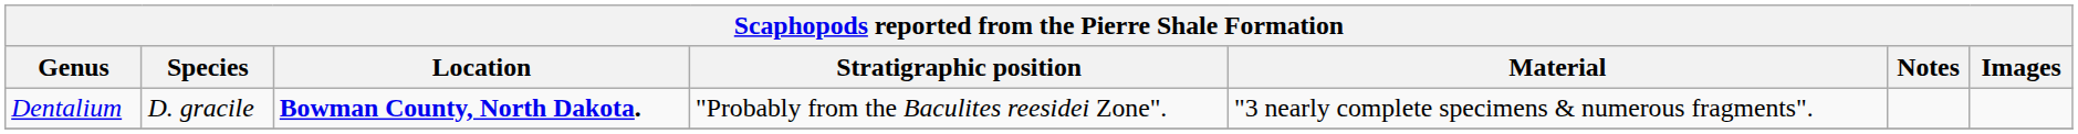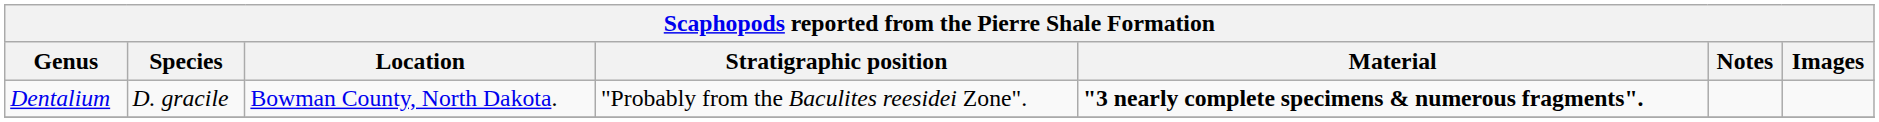 <table class="wikitable" align="center" width="100%">
 <tr>
 <th colspan="7" align="center"><strong><a href='#'>Scaphopods</a> reported from the Pierre Shale Formation</strong></th>
 </tr>
 <tr>
 <th>Genus</th>
 <th>Species</th>
 <th>Location</th>
 <th><strong>Stratigraphic position</strong></th>
 <th><strong>Material</strong></th>
 <th>Notes</th>
 <th>Images</th>
 </tr>
 <tr>
 <td><em><a href='#'>Dentalium</a></em></td>
 <td><em>D. gracile</em></td>
-<td><strong><a href='#'>Bowman County, North Dakota</a>.</strong></td>
+<td><a href='#'>Bowman County, North Dakota</a>.</td>
 <td>"Probably from the <em>Baculites reesidei</em> Zone".</td>
-<td>"3 nearly complete specimens & numerous fragments".</td>
+<td><strong>"3 nearly complete specimens & numerous fragments".</strong></td>
 <td></td>
 <td></td>
 </tr>
 <tr>
 </tr>
 </table>
